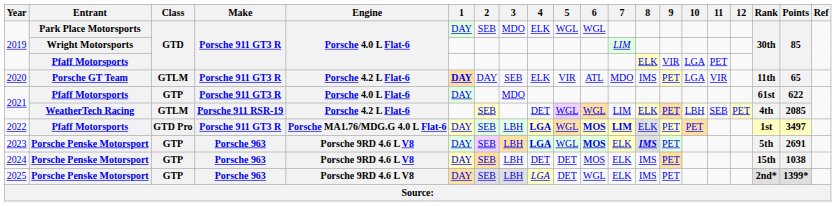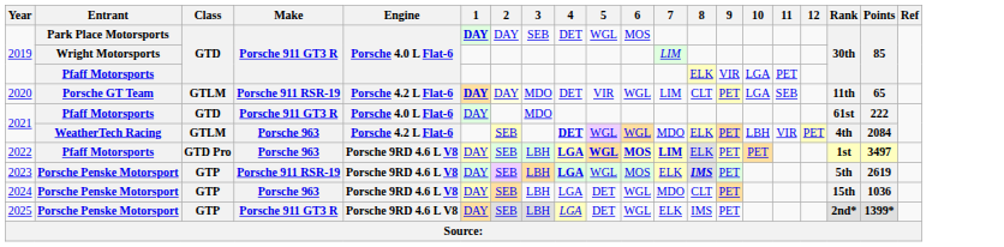 <table class="wikitable" style="text-align:center; font-size:90%">
 <tr>
 <th>Year</th>
 <th>Entrant</th>
 <th>Class</th>
 <th>Make</th>
 <th>Engine</th>
 <th>1</th>
 <th>2</th>
 <th>3</th>
 <th>4</th>
 <th>5</th>
 <th>6</th>
 <th>7</th>
 <th>8</th>
 <th>9</th>
 <th>10</th>
 <th>11</th>
 <th>12</th>
 <th>Rank</th>
 <th>Points</th>
 <th>Ref</th>
 </tr>
 <tr>
 <td rowspan=3><a href='#'>2019</a></td>
 <th>Park Place Motorsports</th>
 <th rowspan=3>GTD</th>
 <th rowspan=3><a href='#'>Porsche 911 GT3 R</a></th>
 <th rowspan=3><a href='#'>Porsche</a> 4.0 L <a href='#'>Flat-6</a></th>
-<td style="background:#DFFFDF;"><a href='#'>DAY</a><br></td>
+<td style="background:#DFFFDF;"><strong><a href='#'>DAY</a><br></strong></td>
+<td><a href='#'>DAY</a></td>
 <td><a href='#'>SEB</a></td>
-<td><a href='#'>MDO</a></td>
-<td><a href='#'>ELK</a></td>
+<td><a href='#'>DET</a></td>
 <td><a href='#'>WGL</a></td>
-<td><a href='#'>WGL</a></td>
+<td><a href='#'>MOS</a></td>
 <td></td>
 <td></td>
 <td></td>
 <td></td>
 <td></td>
 <td></td>
 <th rowspan=3>30th</th>
 <th rowspan=3>85</th>
 <td rowspan="3"></td>
 </tr>
 <tr>
 <th>Wright Motorsports</th>
 <td></td>
 <td></td>
 <td></td>
 <td></td>
 <td></td>
 <td></td>
 <td style="background:#DFFFDF;"><em><a href='#'>LIM</a></em><br></td>
 <td></td>
 <td></td>
 <td></td>
 <td></td>
 <td></td>
 </tr>
 <tr>
 <th><a href='#'>Pfaff Motorsports</a></th>
 <td></td>
 <td></td>
 <td></td>
 <td></td>
 <td></td>
 <td></td>
 <td></td>
 <td style="background:#FFFFBF;"><a href='#'>ELK</a><br></td>
 <td><a href='#'>VIR</a></td>
 <td><a href='#'>LGA</a></td>
 <td><a href='#'>PET</a></td>
 <td></td>
 </tr>
 <tr>
 <td><a href='#'>2020</a></td>
 <th><a href='#'>Porsche GT Team</a></th>
 <th>GTLM</th>
-<th><a href='#'>Porsche 911 GT3 R</a></th>
+<th><a href='#'>Porsche 911 RSR-19</a></th>
 <th><a href='#'>Porsche</a> 4.2 L <a href='#'>Flat-6</a></th>
 <td style="background:#FFDF9F;"><strong><a href='#'>DAY</a></strong><br></td>
-<td><a href='#'>DAY</a></td>
-<td><a href='#'>SEB</a></td>
-<td><a href='#'>ELK</a></td>
+<td style="background: lightyellow;"><a href='#'>DAY</a></td>
+<td><a href='#'>MDO</a></td>
+<td><a href='#'>DET</a></td>
 <td><a href='#'>VIR</a></td>
-<td><a href='#'>ATL</a></td>
-<td><a href='#'>MDO</a></td>
-<td><a href='#'>IMS</a></td>
+<td><a href='#'>WGL</a></td>
+<td><a href='#'>LIM</a></td>
+<td><a href='#'>CLT</a></td>
 <td style="background:#FFFFBF;"><a href='#'>PET</a><br></td>
 <td><a href='#'>LGA</a></td>
-<td><a href='#'>VIR</a></td>
+<td><a href='#'>SEB</a></td>
 <td></td>
 <th>11th</th>
 <th>65</th>
 <td></td>
 </tr>
 <tr>
 <td rowspan=2><a href='#'>2021</a></td>
 <th><a href='#'>Pfaff Motorsports</a></th>
-<th>GTP</th>
+<th>GTD</th>
 <th><a href='#'>Porsche 911 GT3 R</a></th>
 <th><a href='#'>Porsche</a> 4.0 L <a href='#'>Flat-6</a></th>
 <td style="background:#DFFFDF;"><a href='#'>DAY</a><br></td>
 <td></td>
 <td><a href='#'>MDO</a></td>
 <td></td>
 <td></td>
 <td></td>
 <td></td>
 <td></td>
 <td></td>
 <td></td>
 <td></td>
 <td></td>
 <th>61st</th>
-<th>622</th>
+<th>222</th>
 <td rowspan="2"></td>
 </tr>
 <tr>
 <th><a href='#'>WeatherTech Racing</a></th>
 <th>GTLM</th>
-<th><a href='#'>Porsche 911 RSR-19</a></th>
+<th><a href='#'>Porsche 963</a></th>
 <th><a href='#'>Porsche</a> 4.2 L <a href='#'>Flat-6</a></th>
 <td></td>
 <td style="background:#FFFFBF;"><a href='#'>SEB</a><br></td>
 <td></td>
-<td><a href='#'>DET</a></td>
+<td><strong><a href='#'>DET</a></strong></td>
 <td style="background:#EFCFFF;"><a href='#'>WGL</a><br></td>
 <td style="background:#FFDF9F;"><a href='#'>WGL</a><br></td>
-<td><a href='#'>LIM</a></td>
+<td><a href='#'>MDO</a></td>
 <td style="background:#FFFFBF;"><a href='#'>ELK</a><br></td>
 <td style="background:#FFDF9F;"><a href='#'>PET</a><br></td>
-<td style="background: lightyellow;"><a href='#'>LBH</a></td>
-<td><a href='#'>SEB</a></td>
+<td><a href='#'>LBH</a></td>
+<td><a href='#'>VIR</a></td>
 <td style="background:#FFFFBF;"><a href='#'>PET</a><br></td>
 <th>4th</th>
-<th>2085</th>
+<th>2084</th>
 </tr>
 <tr>
 <td><a href='#'>2022</a></td>
 <th><a href='#'>Pfaff Motorsports</a></th>
 <th>GTD Pro</th>
-<th><a href='#'>Porsche 911 GT3 R</a></th>
-<th><a href='#'>Porsche</a> MA1.76/MDG.G 4.0 L <a href='#'>Flat-6</a></th>
+<th><a href='#'>Porsche 963</a></th>
+<th>Porsche 9RD 4.6 L <a href='#'>V8</a></th>
 <td style="background:#FFFFBF;"><a href='#'>DAY</a><br></td>
 <td style="background:#DFFFDF;"><a href='#'>SEB</a><br></td>
 <td style="background:#DFFFDF;"><a href='#'>LBH</a><br></td>
 <td style="background:#FFFFBF;"><strong><a href='#'>LGA</a></strong><br></td>
-<td style="background:#FFDF9F;"><a href='#'>WGL</a><br></td>
+<td style="background:#FFDF9F;"><strong><a href='#'>WGL</a><br></strong></td>
 <td style="background:#FFFFBF;"><strong><a href='#'>MOS</a></strong><br></td>
 <td style="background:#FFFFBF;"><strong><a href='#'>LIM</a></strong><br></td>
 <td style="background:#DFDFDF;"><a href='#'>ELK</a><br></td>
 <td style="background:#FFFFBF;"><a href='#'>PET</a><br></td>
 <td style="background:#FFDF9F;"><a href='#'>PET</a><br></td>
 <td></td>
 <td></td>
 <th style="background:#FFFFBF;">1st</th>
 <th style="background:#FFFFBF;">3497</th>
 <td></td>
 </tr>
 <tr>
 <td><a href='#'>2023</a></td>
 <th><a href='#'>Porsche Penske Motorsport</a></th>
 <th>GTP</th>
-<th><a href='#'>Porsche 963</a></th>
+<th><a href='#'>Porsche 911 RSR-19</a></th>
 <th>Porsche 9RD 4.6 L <a href='#'>V8</a></th>
 <td style="background:#DFFFDF;"><a href='#'>DAY</a><br></td>
 <td style="background:#EFCFFF;"><a href='#'>SEB</a><br></td>
 <td style="background:#FFDF9F;”"><a href='#'>LBH</a><br></td>
 <td style="background:#DFFFDF;"><strong><a href='#'>LGA</a></strong><br></td>
 <td style="background:#DFFFDF;"><a href='#'>WGL</a><br></td>
-<td style="background:#DFFFDF;"><strong><a href='#'>MOS</a><br></strong></td>
+<td style="background:#DFFFDF;"><a href='#'>MOS</a><br></td>
 <td style="background:#FFFFBF;"><a href='#'>ELK</a><br></td>
 <td style="background:#DFDFDF;"><strong><em><a href='#'>IMS</a></em></strong><br></td>
 <td style="background:#DFFFDF;"><a href='#'>PET</a><br></td>
 <td></td>
 <td></td>
 <td></td>
 <th>5th</th>
-<th>2691</th>
+<th>2619</th>
 <td></td>
 </tr>
 <tr>
 <td><a href='#'>2024</a></td>
 <th><a href='#'>Porsche Penske Motorsport</a></th>
 <th>GTP</th>
 <th><a href='#'>Porsche 963</a></th>
 <th>Porsche 9RD 4.6 L <a href='#'>V8</a></th>
 <td style="background:#FFFFBF;"><a href='#'>DAY</a><br></td>
 <td style="background:#FFDF9F;"><a href='#'>SEB</a><br></td>
 <td><a href='#'>LBH</a></td>
+<td><a href='#'>LGA</a></td>
 <td><a href='#'>DET</a></td>
-<td><a href='#'>DET</a></td>
-<td><a href='#'>MOS</a></td>
-<td><a href='#'>ELK</a></td>
-<td><a href='#'>IMS</a></td>
+<td><a href='#'>WGL</a></td>
+<td><a href='#'>MDO</a></td>
+<td><a href='#'>CLT</a></td>
 <td style="background:#FFDF9F;"><a href='#'>PET</a><br></td>
 <td></td>
 <td></td>
 <td></td>
 <th>15th</th>
-<th>1038</th>
+<th>1036</th>
 <td></td>
 </tr>
 <tr>
 <td><a href='#'>2025</a></td>
 <th><a href='#'>Porsche Penske Motorsport</a></th>
 <th>GTP</th>
-<th><a href='#'>Porsche 963</a></th>
+<th><a href='#'>Porsche 911 GT3 R</a></th>
 <th>Porsche 9RD 4.6 L V8</th>
 <td style="background:#FFDF9F;"><a href='#'>DAY</a><br></td>
 <td style="background:#DFDFDF;"><a href='#'>SEB</a><br></td>
 <td style="background:#DFDFDF;"><a href='#'>LBH</a><br></td>
 <td style="background:#FFFFBF;"><em><a href='#'>LGA</a></em><br></td>
 <td style="background:#;"><a href='#'>DET</a><br></td>
 <td style="background:#;"><a href='#'>WGL</a><br></td>
 <td style="background:#;"><a href='#'>ELK</a><br></td>
 <td style="background:#;"><a href='#'>IMS</a><br></td>
 <td style="background:#;"><a href='#'>PET</a><br></td>
 <td></td>
 <td></td>
 <td></td>
 <th style="background:#DFDFDF;">2nd*</th>
 <th style="background:#DFDFDF;">1399*</th>
 </tr>
 <tr>
 <th colspan="20">Source:</th>
 </tr>
 </table>
